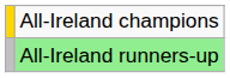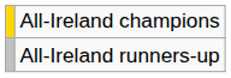 <table class="wikitable" style="text-align:center;">
 <tr>
 <td style="background-color:#FFD700"></td>
 <td>All-Ireland champions</td>
 </tr>
 <tr>
 <td style="background-color:#C0C0C0"></td>
-<td style="background: lightgreen;">All-Ireland runners-up</td>
+<td>All-Ireland runners-up</td>
 </tr>
 </table>
